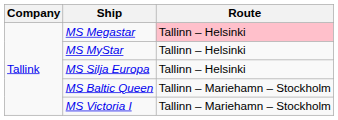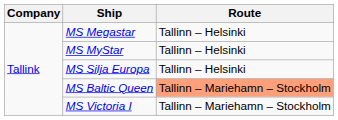 <table class="wikitable">
 <tr>
 <th>Company</th>
 <th>Ship</th>
 <th>Route</th>
 </tr>
 <tr>
 <td rowspan="5"> <a href='#'>Tallink</a></td>
 <td><em><a href='#'>MS Megastar</a></em></td>
-<td style="background: pink;">Tallinn – Helsinki</td>
+<td>Tallinn – Helsinki</td>
 </tr>
 <tr>
 <td><em><a href='#'>MS MyStar</a></em></td>
 <td>Tallinn – Helsinki</td>
 </tr>
 <tr>
 <td><em><a href='#'>MS Silja Europa</a></em></td>
 <td>Tallinn – Helsinki</td>
 </tr>
 <tr>
 <td><em><a href='#'>MS Baltic Queen</a></em></td>
-<td>Tallinn – Mariehamn – Stockholm</td>
+<td style="background: lightsalmon;">Tallinn – Mariehamn – Stockholm</td>
 </tr>
 <tr>
 <td><em><a href='#'>MS Victoria I</a></em></td>
 <td>Tallinn – Mariehamn – Stockholm</td>
 </tr>
 </table>
